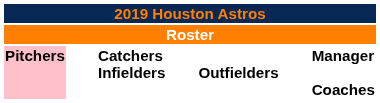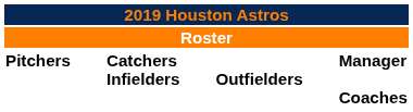 <table class="toccolours" style="font-size: 95%;">
 <tr>
 <th colspan="10" style="background:#072854; color:#FF7F00; text-align:center;">2019 Houston Astros</th>
 </tr>
 <tr>
 <td colspan="10" style="background:#FF7F00; color:white; text-align:center;"><strong>Roster</strong></td>
 </tr>
 <tr>
-<td valign="top" style="background: pink;"><strong>Pitchers</strong><br>                       </td>
+<td valign="top"><strong>Pitchers</strong><br>                       </td>
 <td style="width:25px;"></td>
 <td valign="top"><strong>Catchers</strong><br>    <strong>Infielders</strong>          </td>
 <td style="width:25px;"></td>
 <td valign="top"><br><strong>Outfielders</strong>       </td>
 <td style="width:25px;"></td>
 <td valign="top"><strong>Manager</strong><br><br><strong>Coaches</strong>                   </td>
 </tr>
 </table>
